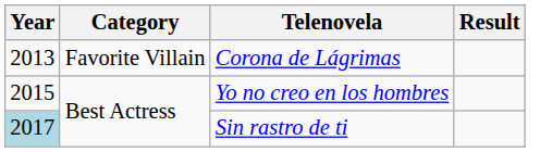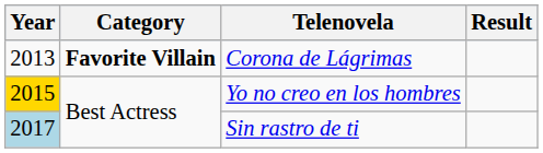 <table class="wikitable">
 <tr style="background:#b0c4de;">
 <th>Year</th>
 <th>Category</th>
 <th>Telenovela</th>
 <th>Result</th>
 </tr>
 <tr>
 <td>2013</td>
-<td>Favorite Villain</td>
+<td><strong>Favorite Villain</strong></td>
 <td><em><a href='#'>Corona de Lágrimas</a></em></td>
 <td></td>
 </tr>
 <tr>
-<td>2015</td>
+<td style="background: gold;">2015</td>
 <td rowspan=2>Best Actress</td>
 <td><em><a href='#'>Yo no creo en los hombres</a></em></td>
 <td></td>
 </tr>
 <tr>
 <td style="background: lightblue;">2017</td>
 <td><em><a href='#'>Sin rastro de ti</a></em></td>
 <td></td>
 </tr>
 </table>
